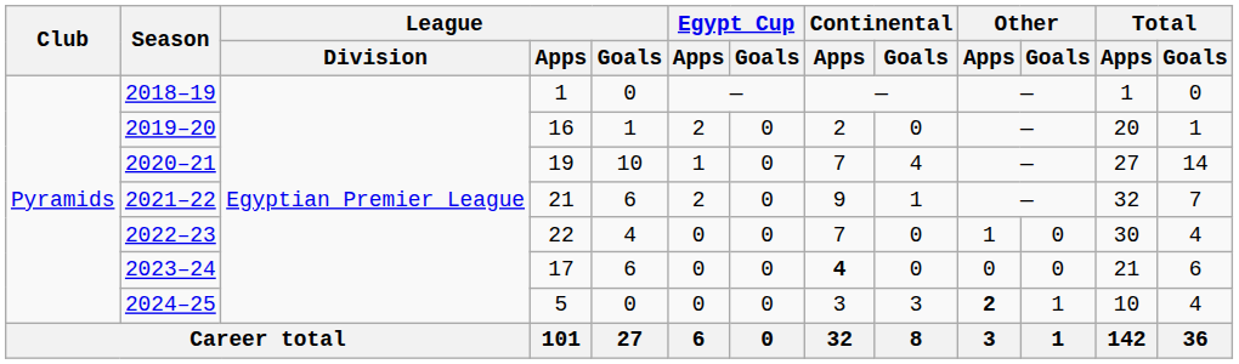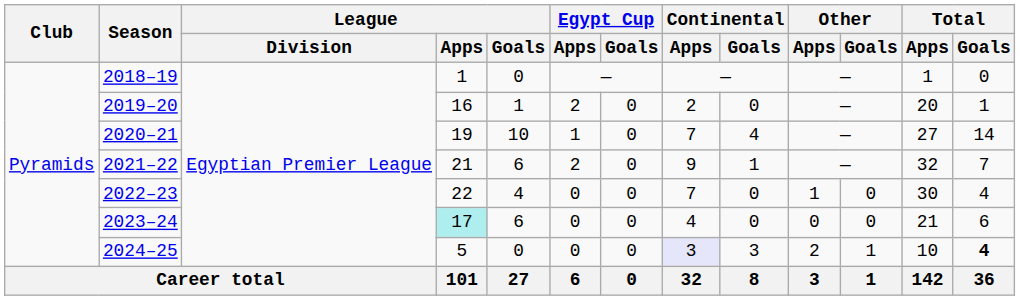 <table class="wikitable" style="text-align: center;">
 <tr>
 <th rowspan="2">Club</th>
 <th rowspan="2">Season</th>
 <th colspan="3">League</th>
 <th colspan="2"><a href='#'>Egypt Cup</a></th>
 <th colspan="2">Continental</th>
 <th colspan="2">Other</th>
 <th colspan="2">Total</th>
 </tr>
 <tr>
 <th>Division</th>
 <th>Apps</th>
 <th>Goals</th>
 <th>Apps</th>
 <th>Goals</th>
 <th>Apps</th>
 <th>Goals</th>
 <th>Apps</th>
 <th>Goals</th>
 <th>Apps</th>
 <th>Goals</th>
 </tr>
 <tr>
 <td rowspan="7"><a href='#'>Pyramids</a></td>
 <td><a href='#'>2018–19</a></td>
 <td rowspan="7"><a href='#'>Egyptian Premier League</a></td>
 <td>1</td>
 <td>0</td>
 <td colspan="2">—</td>
 <td colspan="2">—</td>
 <td colspan="2">—</td>
 <td>1</td>
 <td>0</td>
 </tr>
 <tr>
 <td><a href='#'>2019–20</a></td>
 <td>16</td>
 <td>1</td>
 <td>2</td>
 <td>0</td>
 <td>2</td>
 <td>0</td>
 <td colspan="2">—</td>
 <td>20</td>
 <td>1</td>
 </tr>
 <tr>
 <td><a href='#'>2020–21</a></td>
 <td>19</td>
 <td>10</td>
 <td>1</td>
 <td>0</td>
 <td>7</td>
 <td>4</td>
 <td colspan="2">—</td>
 <td>27</td>
 <td>14</td>
 </tr>
 <tr>
 <td><a href='#'>2021–22</a></td>
 <td>21</td>
 <td>6</td>
 <td>2</td>
 <td>0</td>
 <td>9</td>
 <td>1</td>
 <td colspan="2">—</td>
 <td>32</td>
 <td>7</td>
 </tr>
 <tr>
 <td><a href='#'>2022–23</a></td>
 <td>22</td>
 <td>4</td>
 <td>0</td>
 <td>0</td>
 <td>7</td>
 <td>0</td>
 <td>1</td>
 <td>0</td>
 <td>30</td>
 <td>4</td>
 </tr>
 <tr>
 <td><a href='#'>2023–24</a></td>
-<td>17</td>
+<td style="background: paleturquoise;">17</td>
 <td>6</td>
 <td>0</td>
 <td>0</td>
-<td><strong>4</strong></td>
+<td>4</td>
 <td>0</td>
 <td>0</td>
 <td>0</td>
 <td>21</td>
 <td>6</td>
 </tr>
 <tr>
 <td><a href='#'>2024–25</a></td>
 <td>5</td>
 <td>0</td>
 <td>0</td>
 <td>0</td>
+<td style="background: lavender;">3</td>
 <td>3</td>
-<td>3</td>
-<td><strong>2</strong></td>
+<td>2</td>
 <td>1</td>
 <td>10</td>
-<td>4</td>
+<td><strong>4</strong></td>
 </tr>
 <tr>
 <th colspan="3">Career total</th>
 <th>101</th>
 <th>27</th>
 <th>6</th>
 <th>0</th>
 <th>32</th>
 <th>8</th>
 <th>3</th>
 <th>1</th>
 <th>142</th>
 <th>36</th>
 </tr>
 </table>
